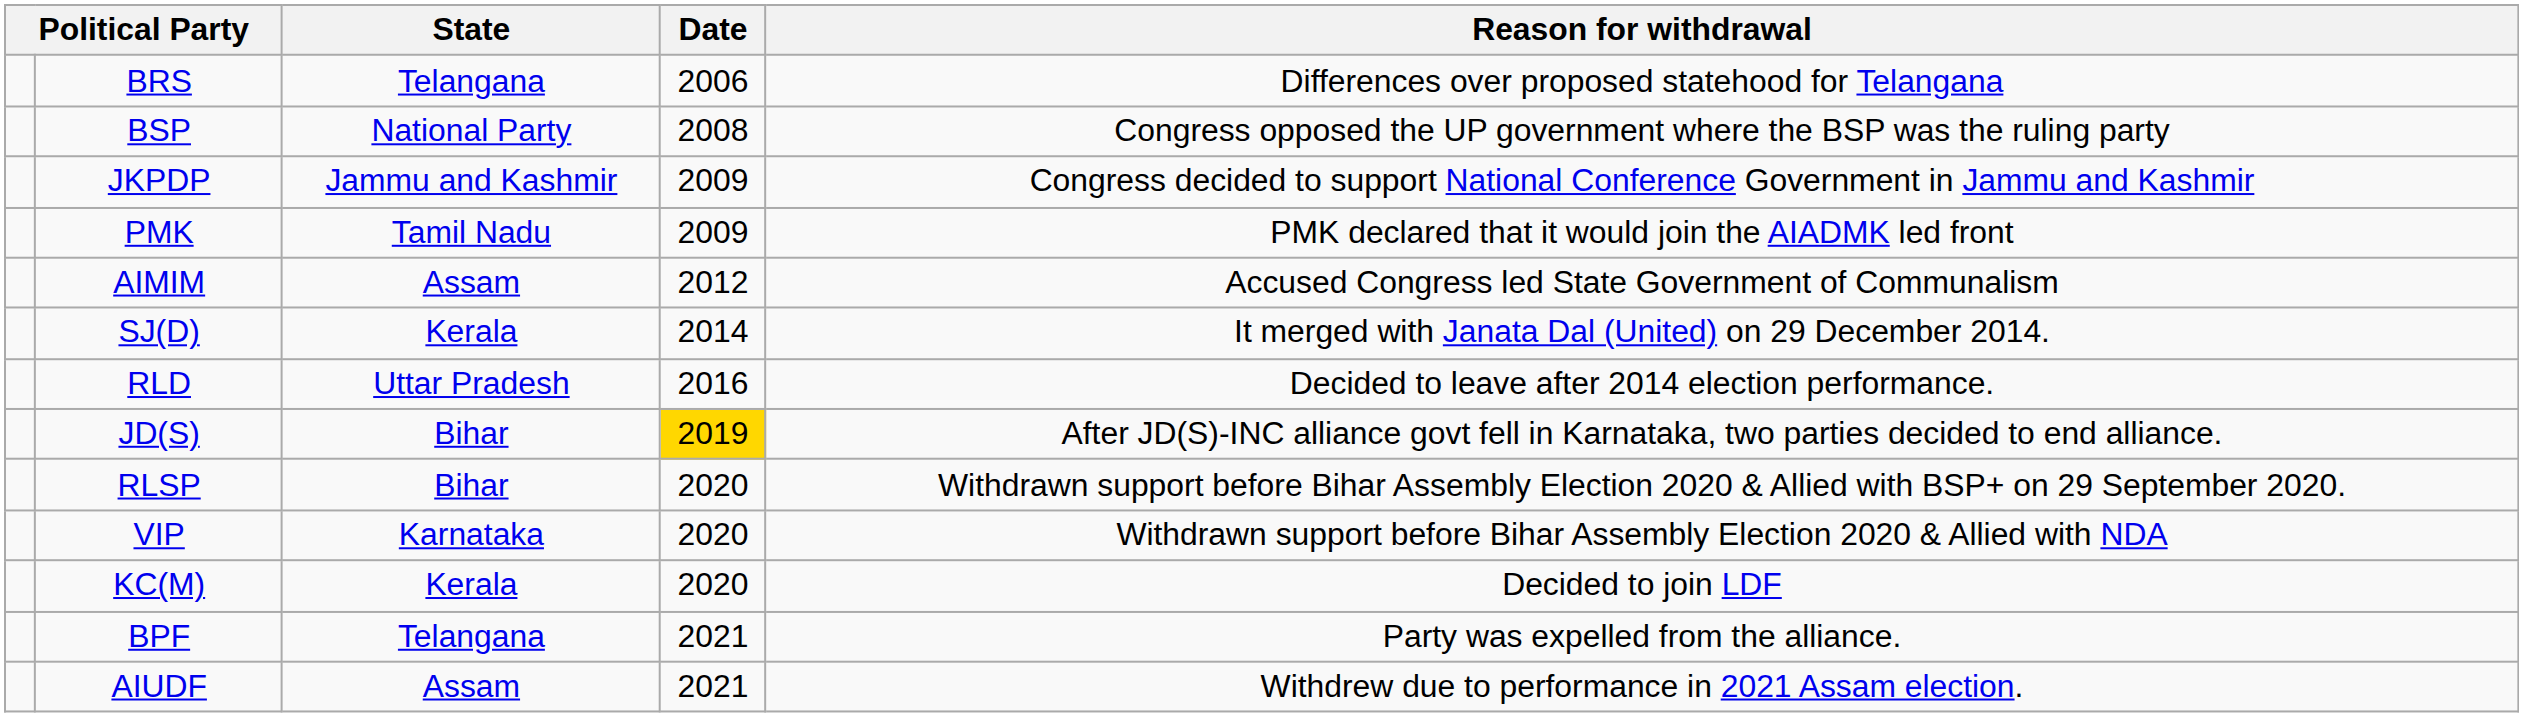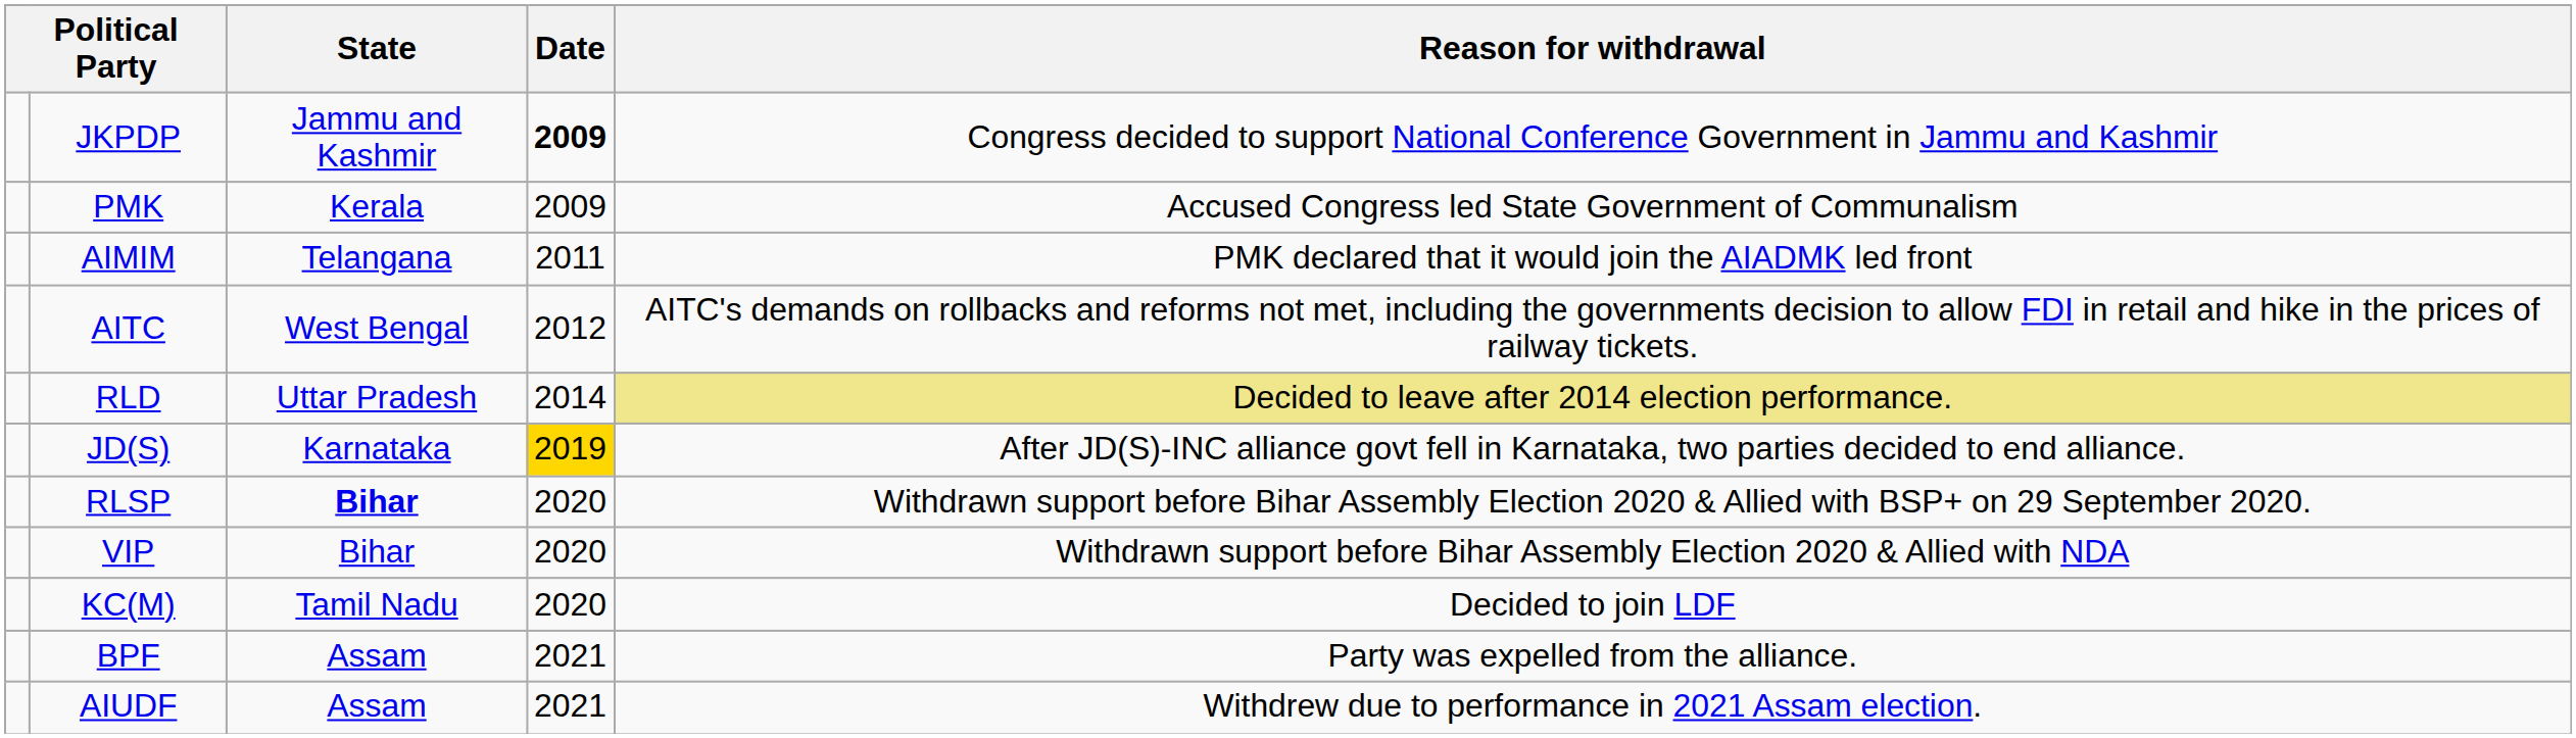 <table class="wikitable" style="width:100%; text-align:center">
 <tr>
 <th colspan=2>Political Party</th>
 <th>State</th>
 <th>Date</th>
 <th>Reason for withdrawal</th>
 </tr>
 <tr>
 <td style="background-color:"></td>
-<td style="text-align: center;"><a href='#'>BRS</a></td>
-<td style="text-align: center;"><a href='#'>Telangana</a></td>
-<td style="text-align: center;">2006</td>
-<td>Differences over proposed statehood for <a href='#'>Telangana</a></td>
-</tr>
-<tr>
-<td style="background-color:"></td>
-<td style="text-align: center;"><a href='#'>BSP</a></td>
-<td style="text-align: center;"><a href='#'>National Party</a></td>
-<td style="text-align: center;">2008</td>
-<td>Congress opposed the UP government where the BSP was the ruling party</td>
-</tr>
-<tr>
-<td style="background-color:"></td>
 <td style="text-align: center;"><a href='#'>JKPDP</a></td>
 <td style="text-align: center;"><a href='#'>Jammu and Kashmir</a></td>
-<td style="text-align: center;">2009</td>
+<td style="text-align: center;"><strong>2009</strong></td>
 <td>Congress decided to support <a href='#'>National Conference</a> Government in <a href='#'>Jammu and Kashmir</a></td>
 </tr>
 <tr>
 <td style="background-color:"></td>
 <td style="text-align: center;"><a href='#'>PMK</a></td>
-<td style="text-align: center;"><a href='#'>Tamil Nadu</a></td>
+<td style="text-align: center;"><a href='#'>Kerala</a></td>
 <td style="text-align: center;">2009</td>
+<td>Accused Congress led State Government of Communalism</td>
+</tr>
+<tr>
+<td style="background-color:"></td>
+<td style="text-align: center;"><a href='#'>AIMIM</a></td>
+<td style="text-align: center;"><a href='#'>Telangana</a></td>
+<td style="text-align: center;">2011</td>
 <td>PMK declared that it would join the <a href='#'>AIADMK</a> led front</td>
 </tr>
 <tr>
 <td style="background-color:"></td>
-<td style="text-align: center;"><a href='#'>AIMIM</a></td>
-<td style="text-align: center;"><a href='#'>Assam</a></td>
+<td style="text-align: center;"><a href='#'>AITC</a></td>
+<td style="text-align: center;"><a href='#'>West Bengal</a></td>
 <td style="text-align: center;">2012</td>
-<td>Accused Congress led State Government of Communalism</td>
-</tr>
-<tr>
-<td style="background-color:"></td>
-<td style="text-align: center;"><a href='#'>SJ(D)</a></td>
-<td style="text-align: center;"><a href='#'>Kerala</a></td>
-<td style="text-align: center;">2014</td>
-<td>It merged with <a href='#'>Janata Dal (United)</a> on 29 December 2014.</td>
+<td>AITC's demands on rollbacks and reforms not met, including the governments decision to allow <a href='#'>FDI</a> in retail and hike in the prices of railway tickets.</td>
 </tr>
 <tr>
 <td style="background-color:"></td>
 <td style="text-align: center;"><a href='#'>RLD</a></td>
 <td style="text-align: center;"><a href='#'>Uttar Pradesh</a></td>
-<td style="text-align: center;">2016</td>
-<td>Decided to leave after 2014 election performance.</td>
+<td style="text-align: center;">2014</td>
+<td style="background: khaki;">Decided to leave after 2014 election performance.</td>
 </tr>
 <tr>
 <td style="background-color:"></td>
 <td style="text-align: center;"><a href='#'>JD(S)</a></td>
-<td style="text-align: center;"><a href='#'>Bihar</a></td>
+<td style="text-align: center;"><a href='#'>Karnataka</a></td>
 <td style="background: gold; text-align: center;">2019</td>
 <td>After JD(S)-INC alliance govt fell in Karnataka, two parties decided to end alliance.</td>
 </tr>
 <tr>
 <td style="background-color:"></td>
 <td style="text-align: center;"><a href='#'>RLSP</a></td>
-<td style="text-align: center;"><a href='#'>Bihar</a></td>
+<td style="text-align: center;"><strong><a href='#'>Bihar</a></strong></td>
 <td style="text-align: center;">2020</td>
 <td>Withdrawn support before Bihar Assembly Election 2020 & Allied with BSP+ on 29 September 2020.</td>
 </tr>
 <tr>
 <td style="background-color:"></td>
 <td style="text-align: center;"><a href='#'>VIP</a></td>
-<td style="text-align: center;"><a href='#'>Karnataka</a></td>
+<td style="text-align: center;"><a href='#'>Bihar</a></td>
 <td style="text-align: center;">2020</td>
 <td>Withdrawn support before Bihar Assembly Election 2020 & Allied with <a href='#'>NDA</a></td>
 </tr>
 <tr>
 <td style="background-color:"></td>
 <td style="text-align: center;"><a href='#'>KC(M)</a></td>
-<td style="text-align: center;"><a href='#'>Kerala</a></td>
+<td style="text-align: center;"><a href='#'>Tamil Nadu</a></td>
 <td style="text-align: center;">2020</td>
 <td>Decided to join <a href='#'>LDF</a></td>
 </tr>
 <tr>
 <td style="background-color:"></td>
 <td style="text-align: center;"><a href='#'>BPF</a></td>
-<td style="text-align: center;"><a href='#'>Telangana</a></td>
+<td style="text-align: center;"><a href='#'>Assam</a></td>
 <td style="text-align: center;">2021</td>
 <td>Party was expelled from the alliance.</td>
 </tr>
 <tr>
 <td style="background-color:"></td>
 <td style="text-align: center;"><a href='#'>AIUDF</a></td>
 <td style="text-align: center;"><a href='#'>Assam</a></td>
 <td style="text-align: center;">2021</td>
 <td>Withdrew due to performance in <a href='#'>2021 Assam election</a>.</td>
 </tr>
 </table>
